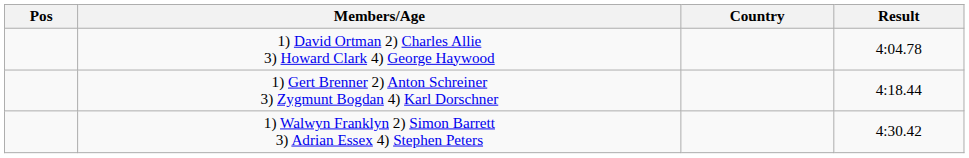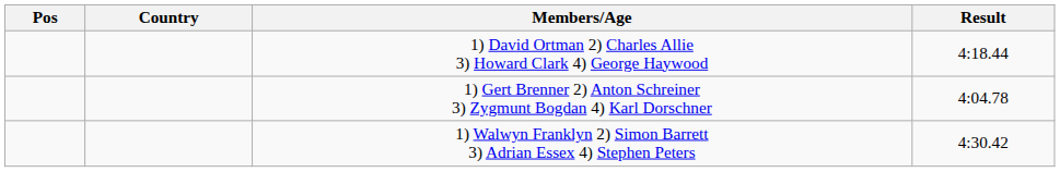 <table class="wikitable"  style="text-align:center; width:80%;">
 <tr>
 <th>Pos</th>
+<th>Country</th>
 <th>Members/Age</th>
-<th>Country</th>
 <th>Result</th>
 </tr>
 <tr>
 <td align=center></td>
+<td align=left></td>
 <td>1) <a href='#'>David Ortman</a> 2) <a href='#'>Charles Allie</a><br>3) <a href='#'>Howard Clark</a> 4) <a href='#'>George Haywood</a></td>
+<td>4:18.44</td>
+</tr>
+<tr>
+<td align=center></td>
 <td align=left></td>
+<td>1) <a href='#'>Gert Brenner</a> 2) <a href='#'>Anton Schreiner</a><br>3) <a href='#'>Zygmunt Bogdan</a> 4) <a href='#'>Karl Dorschner</a></td>
 <td>4:04.78</td>
 </tr>
 <tr>
 <td align=center></td>
-<td>1) <a href='#'>Gert Brenner</a> 2) <a href='#'>Anton Schreiner</a><br>3) <a href='#'>Zygmunt Bogdan</a> 4) <a href='#'>Karl Dorschner</a></td>
 <td align=left></td>
-<td>4:18.44</td>
-</tr>
-<tr>
-<td align=center></td>
 <td>1) <a href='#'>Walwyn Franklyn</a> 2) <a href='#'>Simon Barrett</a><br>3) <a href='#'>Adrian Essex</a> 4) <a href='#'>Stephen Peters</a></td>
-<td align=left></td>
 <td>4:30.42</td>
 </tr>
 </table>
